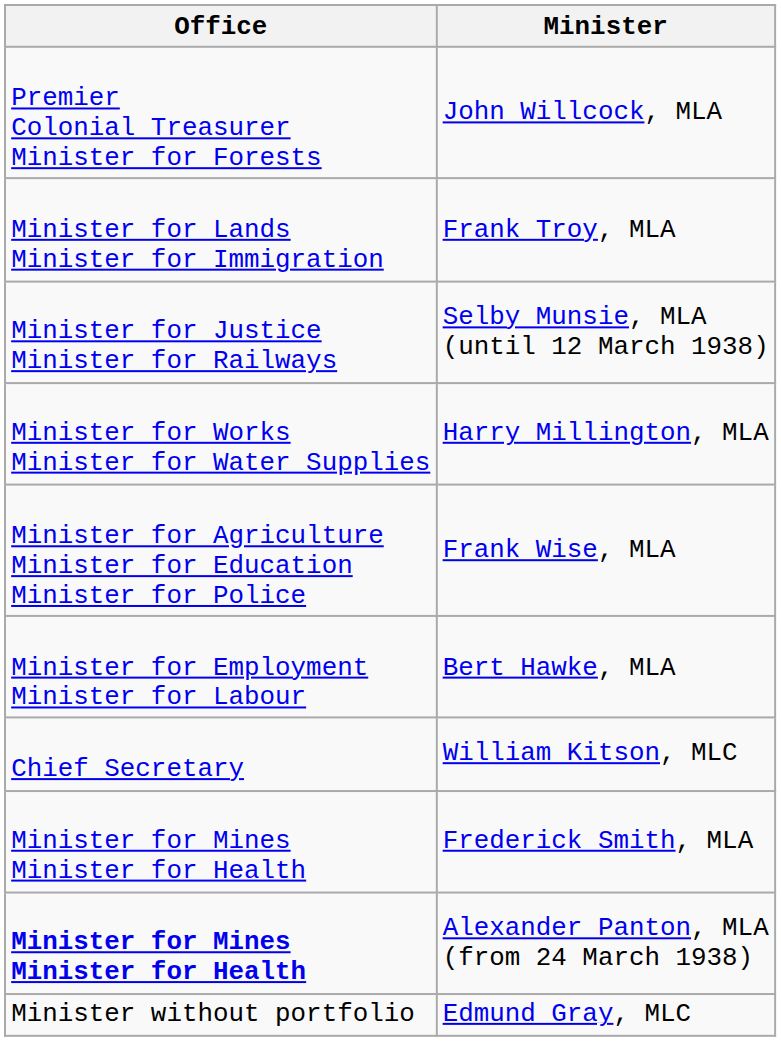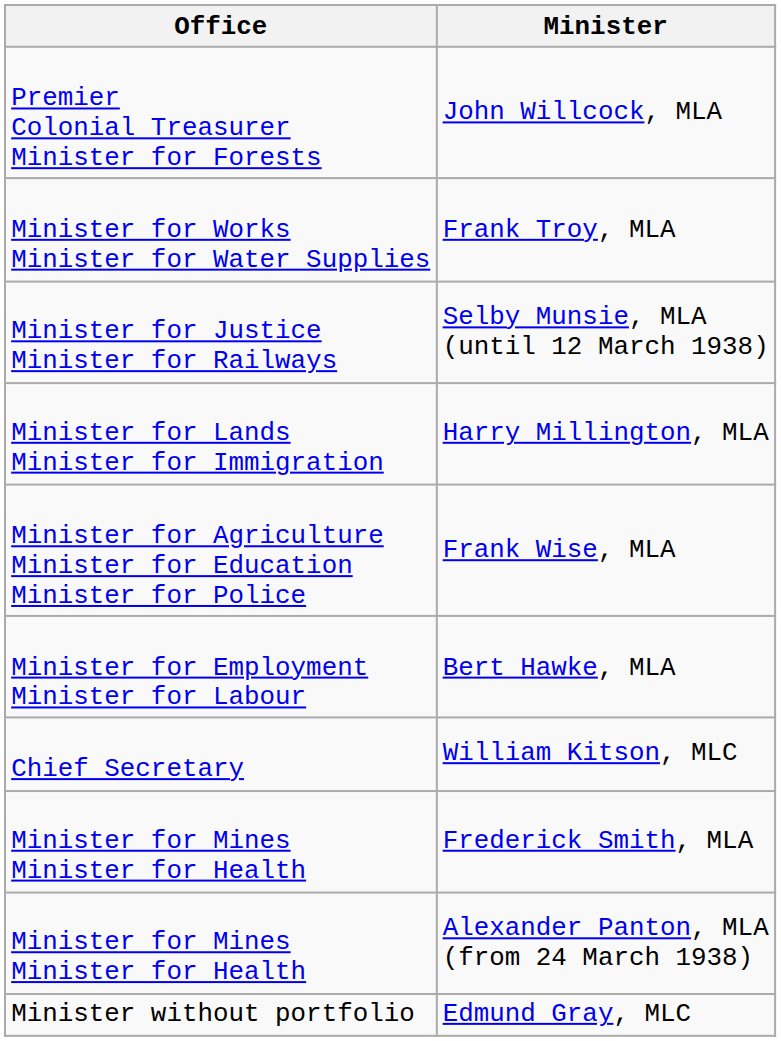 <table class="wikitable">
 <tr>
 <th>Office</th>
 <th>Minister</th>
 </tr>
 <tr>
 <td><br><a href='#'>Premier</a><br> <a href='#'>Colonial Treasurer</a><br> <a href='#'>Minister for Forests</a><br></td>
 <td><a href='#'>John Willcock</a>, MLA</td>
 </tr>
 <tr>
-<td><br><a href='#'>Minister for Lands</a><br> <a href='#'>Minister for Immigration</a><br></td>
+<td><br><a href='#'>Minister for Works</a><br> <a href='#'>Minister for Water Supplies</a><br></td>
 <td><a href='#'>Frank Troy</a>, MLA</td>
 </tr>
 <tr>
 <td><br><a href='#'>Minister for Justice</a><br> <a href='#'>Minister for Railways</a><br></td>
 <td><a href='#'>Selby Munsie</a>, MLA<br>(until 12 March 1938)</td>
 </tr>
 <tr>
-<td><br><a href='#'>Minister for Works</a><br> <a href='#'>Minister for Water Supplies</a><br></td>
+<td><br><a href='#'>Minister for Lands</a><br> <a href='#'>Minister for Immigration</a><br></td>
 <td><a href='#'>Harry Millington</a>, MLA</td>
 </tr>
 <tr>
 <td><br><a href='#'>Minister for Agriculture</a><br> <a href='#'>Minister for Education</a><br> <a href='#'>Minister for Police</a><br></td>
 <td><a href='#'>Frank Wise</a>, MLA</td>
 </tr>
 <tr>
 <td><br><a href='#'>Minister for Employment</a><br> <a href='#'>Minister for Labour</a><br></td>
 <td><a href='#'>Bert Hawke</a>, MLA</td>
 </tr>
 <tr>
 <td><br><a href='#'>Chief Secretary</a><br></td>
 <td><a href='#'>William Kitson</a>, MLC</td>
 </tr>
 <tr>
 <td><br><a href='#'>Minister for Mines</a><br> <a href='#'>Minister for Health</a><br></td>
 <td><a href='#'>Frederick Smith</a>, MLA</td>
 </tr>
 <tr>
-<td><strong><br><a href='#'>Minister for Mines</a><br> <a href='#'>Minister for Health</a><br></strong></td>
+<td><br><a href='#'>Minister for Mines</a><br> <a href='#'>Minister for Health</a><br></td>
 <td><a href='#'>Alexander Panton</a>, MLA<br>(from 24 March 1938)</td>
 </tr>
 <tr>
 <td>Minister without portfolio</td>
 <td><a href='#'>Edmund Gray</a>, MLC</td>
 </tr>
 </table>
